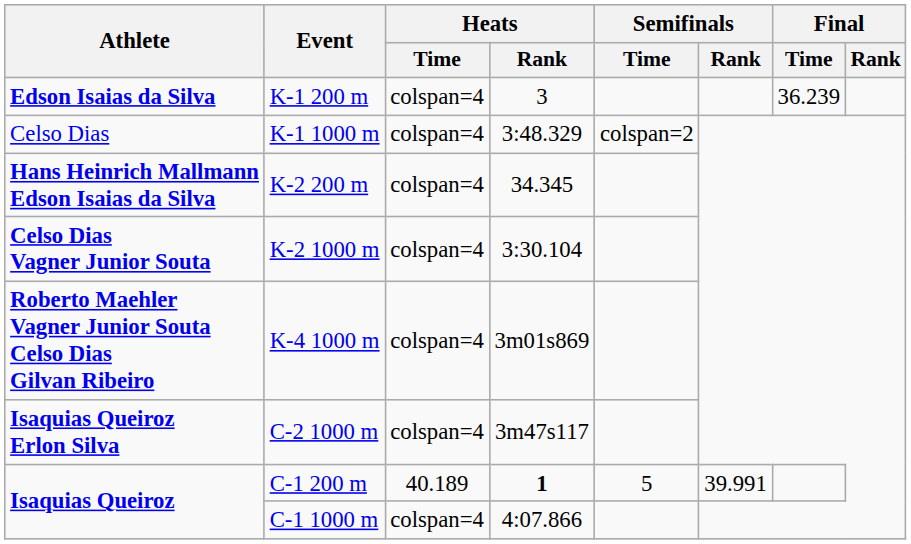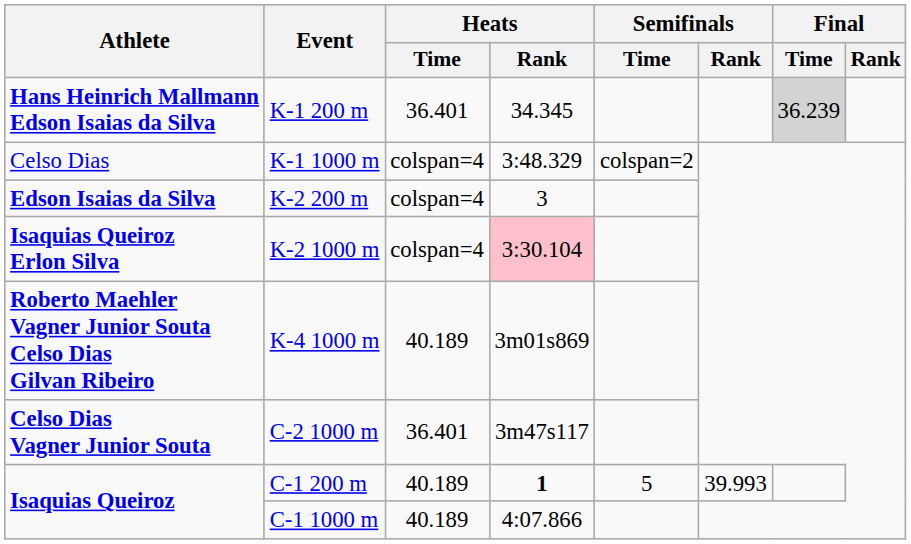 <table class=wikitable style="font-size:90%;">
 <tr>
 <th rowspan="2">Athlete</th>
 <th rowspan="2">Event</th>
 <th colspan=2>Heats</th>
 <th colspan=2>Semifinals</th>
 <th colspan=2>Final</th>
 </tr>
 <tr style="font-size:95%">
 <th>Time</th>
 <th>Rank</th>
 <th>Time</th>
 <th>Rank</th>
 <th>Time</th>
 <th>Rank</th>
 </tr>
 <tr align=center>
-<td align=left><strong><a href='#'>Edson Isaias da Silva</a></strong></td>
+<td align=left><strong><a href='#'>Hans Heinrich Mallmann</a></strong><br><strong><a href='#'>Edson Isaias da Silva</a></strong></td>
 <td align=left><a href='#'>K-1 200 m</a></td>
-<td>colspan=4 </td>
-<td>3</td>
+<td>36.401</td>
+<td>34.345</td>
 <td></td>
 <td></td>
-<td>36.239</td>
+<td style="background: lightgrey;">36.239</td>
 <td></td>
 </tr>
 <tr align=center>
 <td align=left><a href='#'>Celso Dias</a></td>
 <td align=left><a href='#'>K-1 1000 m</a></td>
 <td>colspan=4 </td>
 <td>3:48.329</td>
 <td>colspan=2 </td>
 </tr>
 <tr align=center>
-<td align=left><strong><a href='#'>Hans Heinrich Mallmann</a></strong><br><strong><a href='#'>Edson Isaias da Silva</a></strong></td>
+<td align=left><strong><a href='#'>Edson Isaias da Silva</a></strong></td>
 <td align=left><a href='#'>K-2 200 m</a></td>
 <td>colspan=4 </td>
-<td>34.345</td>
+<td>3</td>
 <td></td>
 </tr>
 <tr align=center>
-<td align=left><strong><a href='#'>Celso Dias</a></strong><br><strong><a href='#'>Vagner Junior Souta</a></strong></td>
+<td align=left><strong><a href='#'>Isaquias Queiroz</a></strong><br><strong><a href='#'>Erlon Silva</a></strong><br></td>
 <td align=left><a href='#'>K-2 1000 m</a></td>
 <td>colspan=4 </td>
-<td>3:30.104</td>
+<td style="background: pink;">3:30.104</td>
 <td></td>
 </tr>
 <tr align=center>
 <td align=left><strong><a href='#'>Roberto Maehler</a></strong><br><strong><a href='#'>Vagner Junior Souta</a></strong><br><strong><a href='#'>Celso Dias</a></strong><br><strong><a href='#'>Gilvan Ribeiro</a></strong></td>
 <td align=left><a href='#'>K-4 1000 m</a></td>
-<td>colspan=4 </td>
+<td>40.189</td>
 <td>3m01s869</td>
 <td></td>
 </tr>
 <tr align=center>
-<td align=left><strong><a href='#'>Isaquias Queiroz</a></strong><br><strong><a href='#'>Erlon Silva</a></strong><br></td>
+<td align=left><strong><a href='#'>Celso Dias</a></strong><br><strong><a href='#'>Vagner Junior Souta</a></strong></td>
 <td align=left><a href='#'>C-2 1000 m</a></td>
-<td>colspan=4 </td>
+<td>36.401</td>
 <td>3m47s117</td>
 <td></td>
 </tr>
 <tr align=center>
 <td align=left rowspan=2><strong><a href='#'>Isaquias Queiroz</a></strong></td>
 <td align=left><a href='#'>C-1 200 m</a></td>
 <td>40.189</td>
 <td><strong>1</strong></td>
 <td>5</td>
-<td>39.991</td>
+<td>39.993</td>
 <td></td>
 </tr>
 <tr align=center>
 <td align=left><a href='#'>C-1 1000 m</a></td>
-<td>colspan=4 </td>
+<td>40.189</td>
 <td>4:07.866</td>
 <td></td>
 </tr>
 </table>
